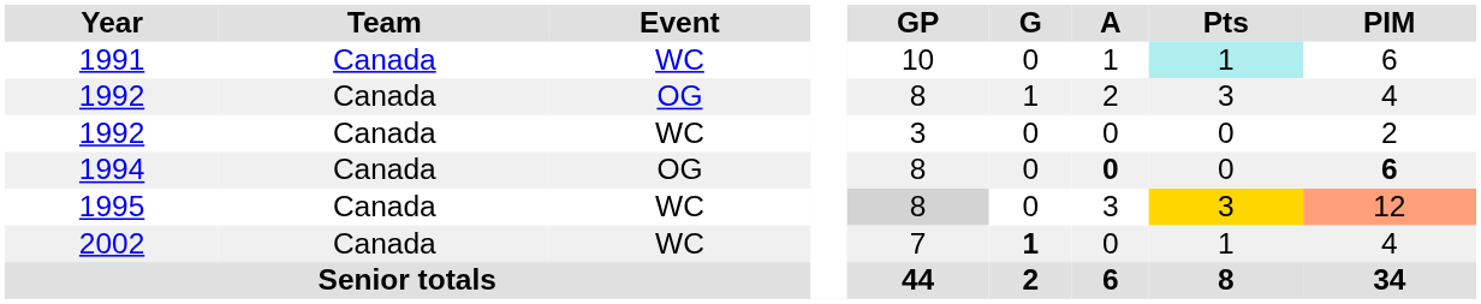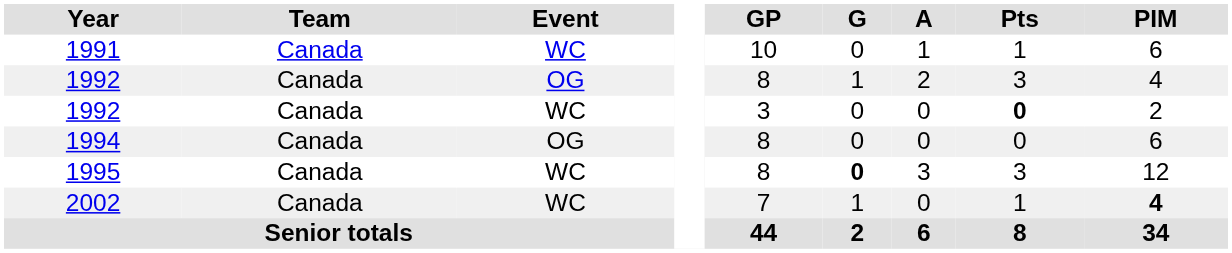 <table border="0" cellpadding="1" cellspacing="0" style="text-align:center; width:50em">
 <tr ALIGN="center" bgcolor="#e0e0e0">
 <th>Year</th>
 <th>Team</th>
 <th>Event</th>
 <th rowspan="99" bgcolor="#ffffff"> </th>
 <th>GP</th>
 <th>G</th>
 <th>A</th>
 <th>Pts</th>
 <th>PIM</th>
 </tr>
 <tr>
 <td><a href='#'>1991</a></td>
 <td><a href='#'>Canada</a></td>
 <td><a href='#'>WC</a></td>
 <td>10</td>
 <td>0</td>
 <td>1</td>
-<td style="background: paleturquoise;">1</td>
+<td>1</td>
 <td>6</td>
 </tr>
 <tr bgcolor="#f0f0f0">
 <td><a href='#'>1992</a></td>
 <td>Canada</td>
 <td><a href='#'>OG</a></td>
 <td>8</td>
 <td>1</td>
 <td>2</td>
 <td>3</td>
 <td>4</td>
 </tr>
 <tr>
 <td><a href='#'>1992</a></td>
 <td>Canada</td>
 <td>WC</td>
 <td>3</td>
 <td>0</td>
 <td>0</td>
-<td>0</td>
+<td><strong>0</strong></td>
 <td>2</td>
 </tr>
 <tr bgcolor="#f0f0f0">
 <td><a href='#'>1994</a></td>
 <td>Canada</td>
 <td>OG</td>
 <td>8</td>
 <td>0</td>
-<td><strong>0</strong></td>
 <td>0</td>
-<td><strong>6</strong></td>
+<td>0</td>
+<td>6</td>
 </tr>
 <tr>
 <td><a href='#'>1995</a></td>
 <td>Canada</td>
 <td>WC</td>
-<td style="background: lightgrey;">8</td>
-<td>0</td>
+<td>8</td>
+<td><strong>0</strong></td>
 <td>3</td>
-<td style="background: gold;">3</td>
-<td style="background: lightsalmon;">12</td>
+<td>3</td>
+<td>12</td>
 </tr>
 <tr bgcolor="#f0f0f0">
 <td><a href='#'>2002</a></td>
 <td>Canada</td>
 <td>WC</td>
 <td>7</td>
-<td><strong>1</strong></td>
+<td>1</td>
 <td>0</td>
 <td>1</td>
-<td>4</td>
+<td><strong>4</strong></td>
 </tr>
 <tr bgcolor="#e0e0e0">
 <th colspan="3">Senior totals</th>
 <th>44</th>
 <th>2</th>
 <th>6</th>
 <th>8</th>
 <th>34</th>
 </tr>
 </table>
